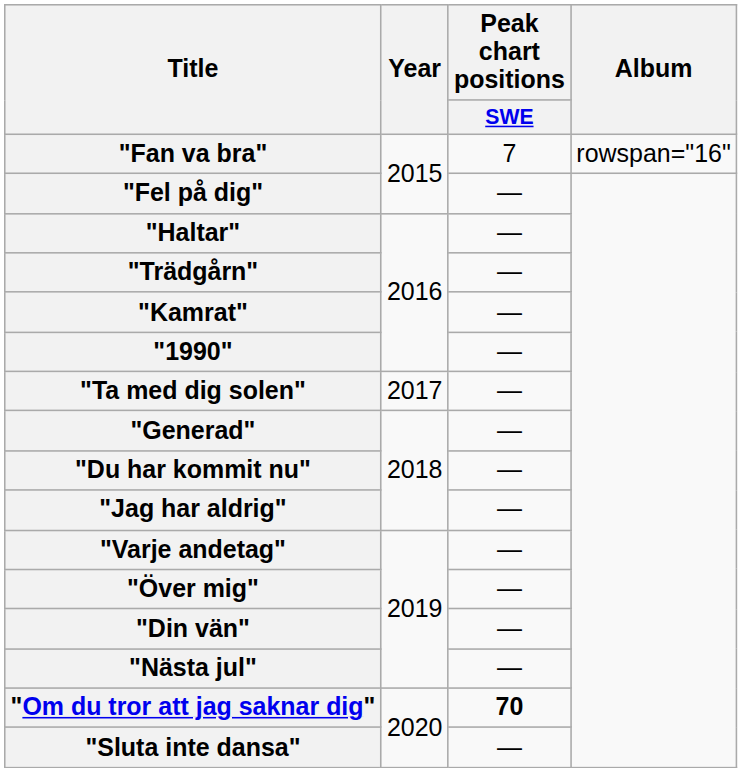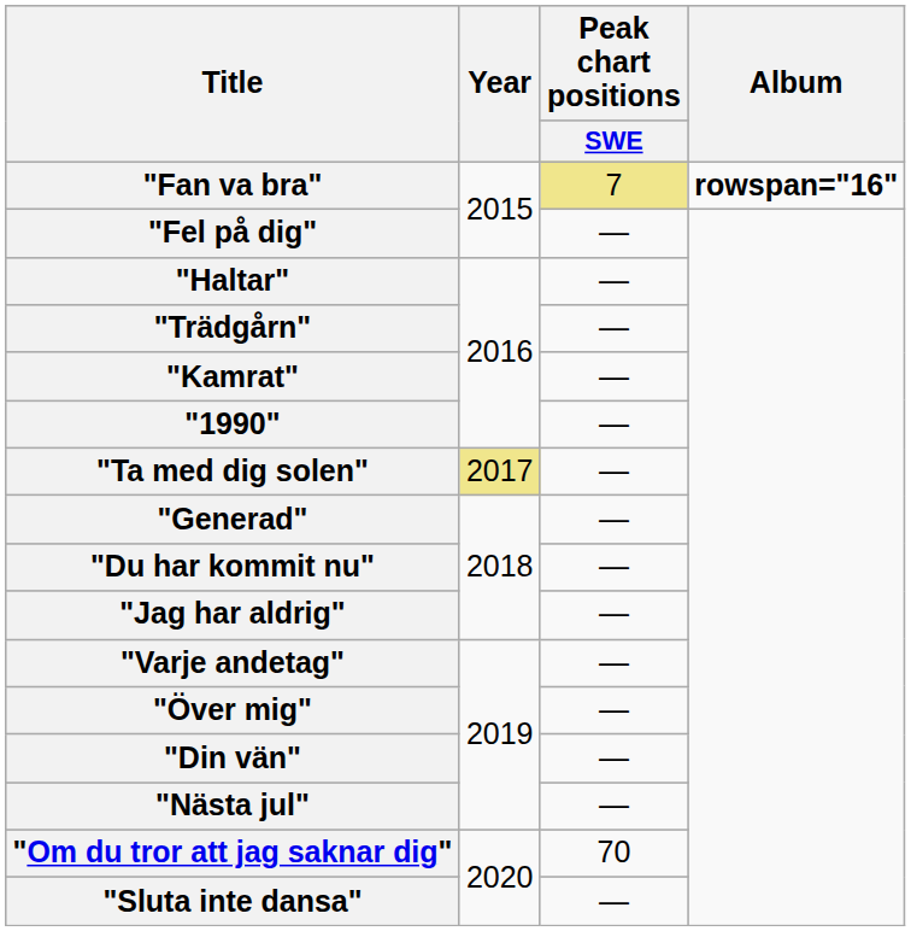 <table class="wikitable plainrowheaders" style="text-align:center;">
 <tr>
 <th scope="col" rowspan="2">Title</th>
 <th scope="col" rowspan="2">Year</th>
 <th scope="col" colspan="1">Peak chart positions</th>
 <th scope="col" rowspan="2">Album</th>
 </tr>
 <tr>
 <th scope="col" style="width:3em;font-size:85%;"><a href='#'>SWE</a></th>
 </tr>
 <tr>
 <th scope="row">"Fan va bra"</th>
 <td rowspan="2">2015</td>
-<td>7<br></td>
-<td>rowspan="16" </td>
+<td style="background: khaki;">7<br></td>
+<td><strong>rowspan="16" </strong></td>
 </tr>
 <tr>
 <th scope="row">"Fel på dig"</th>
 <td>—</td>
 </tr>
 <tr>
 <th scope="row">"Haltar"</th>
 <td rowspan="4">2016</td>
 <td>—</td>
 </tr>
 <tr>
 <th scope="row">"Trädgårn"</th>
 <td>—</td>
 </tr>
 <tr>
 <th scope="row">"Kamrat"</th>
 <td>—</td>
 </tr>
 <tr>
 <th scope="row">"1990"</th>
 <td>—</td>
 </tr>
 <tr>
 <th scope="row">"Ta med dig solen"</th>
-<td>2017</td>
+<td style="background: khaki;">2017</td>
 <td>—</td>
 </tr>
 <tr>
 <th scope="row">"Generad"</th>
 <td rowspan="3">2018</td>
 <td>—</td>
 </tr>
 <tr>
 <th scope="row">"Du har kommit nu"</th>
 <td>—</td>
 </tr>
 <tr>
 <th scope="row">"Jag har aldrig"</th>
 <td>—</td>
 </tr>
 <tr>
 <th scope="row">"Varje andetag"</th>
 <td rowspan="4">2019</td>
 <td>—</td>
 </tr>
 <tr>
 <th scope="row">"Över mig"</th>
 <td>—</td>
 </tr>
 <tr>
 <th scope="row">"Din vän"</th>
 <td>—</td>
 </tr>
 <tr>
 <th scope="row">"Nästa jul"</th>
 <td>—</td>
 </tr>
 <tr>
 <th scope="row">"<a href='#'>Om du tror att jag saknar dig</a>"</th>
 <td rowspan="2">2020</td>
-<td><strong>70<br></strong></td>
+<td>70<br></td>
 </tr>
 <tr>
 <th scope="row">"Sluta inte dansa"</th>
 <td>—</td>
 </tr>
 </table>
